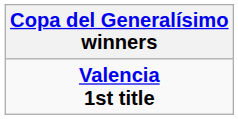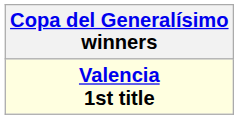 <table class="wikitable" style="text-align: center; margin: 0 auto;">
 <tr>
 <th><a href='#'>Copa del Generalísimo</a><br>winners</th>
 </tr>
 <tr>
-<td><strong><a href='#'>Valencia</a></strong><br><strong>1st title</strong></td>
+<td style="background: lightyellow;"><strong><a href='#'>Valencia</a></strong><br><strong>1st title</strong></td>
 </tr>
 </table>
